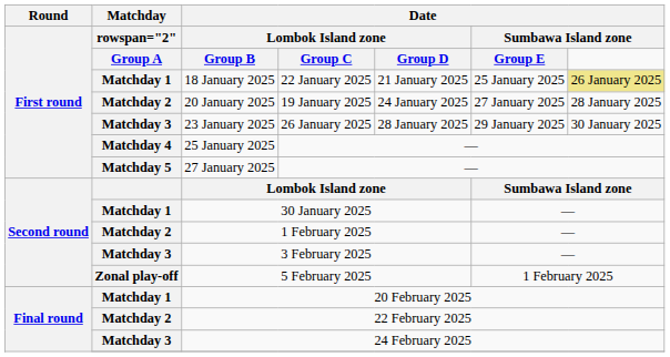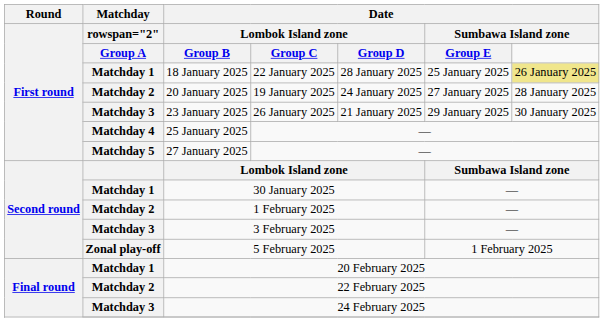 <table class="wikitable" style="text-align:center">
 <tr>
 <th align="center">Round</th>
 <th align="center">Matchday</th>
 <th align="center" colspan="5">Date</th>
 </tr>
 <tr>
 <th rowspan="7"><a href='#'>First round</a></th>
 <th>rowspan="2" </th>
 <th colspan="3">Lombok Island zone</th>
 <th colspan="2">Sumbawa Island zone</th>
 </tr>
 <tr>
 <th><a href='#'>Group A</a></th>
 <th><a href='#'>Group B</a></th>
 <th><a href='#'>Group C</a></th>
 <th><a href='#'>Group D</a></th>
 <th><a href='#'>Group E</a></th>
 </tr>
 <tr>
 <th>Matchday 1</th>
 <td>18 January 2025</td>
 <td>22 January 2025</td>
-<td>21 January 2025</td>
+<td>28 January 2025</td>
 <td>25 January 2025</td>
 <td style="background: khaki;">26 January 2025</td>
 </tr>
 <tr>
 <th>Matchday 2</th>
 <td>20 January 2025</td>
 <td>19 January 2025</td>
 <td>24 January 2025</td>
 <td>27 January 2025</td>
 <td>28 January 2025</td>
 </tr>
 <tr>
 <th>Matchday 3</th>
 <td>23 January 2025</td>
 <td>26 January 2025</td>
-<td>28 January 2025</td>
+<td>21 January 2025</td>
 <td>29 January 2025</td>
 <td>30 January 2025</td>
 </tr>
 <tr>
 <th>Matchday 4</th>
 <td>25 January 2025</td>
 <td colspan="4" align=center>—</td>
 </tr>
 <tr>
 <th>Matchday 5</th>
 <td>27 January 2025</td>
 <td colspan="4" align=center>—</td>
 </tr>
 <tr>
 <th rowspan="5"><a href='#'>Second round</a></th>
 <th></th>
 <th colspan="3">Lombok Island zone</th>
 <th colspan="2">Sumbawa Island zone</th>
 </tr>
 <tr>
 <th>Matchday 1</th>
 <td colspan="3">30 January 2025</td>
 <td colspan="2" align=center>—</td>
 </tr>
 <tr>
 <th>Matchday 2</th>
 <td colspan="3">1 February 2025</td>
 <td colspan="2" align=center>—</td>
 </tr>
 <tr>
 <th>Matchday 3</th>
 <td colspan="3">3 February 2025</td>
 <td colspan="2" align=center>—</td>
 </tr>
 <tr>
 <th>Zonal play-off</th>
 <td colspan="3">5 February 2025</td>
 <td colspan="2">1 February 2025</td>
 </tr>
 <tr>
 <th rowspan="7"><a href='#'>Final round</a></th>
 <th>Matchday 1</th>
 <td colspan="5">20 February 2025</td>
 </tr>
 <tr>
 <th>Matchday 2</th>
 <td colspan="5">22 February 2025</td>
 </tr>
 <tr>
 <th>Matchday 3</th>
 <td colspan="5">24 February 2025</td>
 </tr>
 <tr>
 </tr>
 </table>
